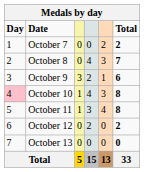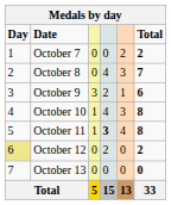 <table class=wikitable style="font-size:95%;">
 <tr>
 <th colspan=7>Medals by day</th>
 </tr>
 <tr>
 <td><strong>Day</strong></td>
 <td><strong>Date</strong></td>
 <td bgcolor=F7F6A8></td>
 <td bgcolor=DCE5E5></td>
 <td bgcolor=FFDAB9></td>
 <td><strong>Total</strong></td>
 </tr>
 <tr>
 <td>1</td>
 <td>October 7</td>
 <td bgcolor=F7F6A8>0</td>
 <td bgcolor=DCE5E5>0</td>
 <td bgcolor=FFDAB9>2</td>
 <td><strong>2</strong></td>
 </tr>
 <tr>
 <td>2</td>
 <td>October 8</td>
 <td bgcolor=F7F6A8>0</td>
 <td bgcolor=DCE5E5>4</td>
 <td bgcolor=FFDAB9>3</td>
 <td><strong>7</strong></td>
 </tr>
 <tr>
 <td>3</td>
 <td>October 9</td>
 <td bgcolor=F7F6A8>3</td>
 <td bgcolor=DCE5E5>2</td>
 <td bgcolor=FFDAB9>1</td>
 <td><strong>6</strong></td>
 </tr>
 <tr>
-<td style="background: pink;">4</td>
+<td>4</td>
 <td>October 10</td>
 <td bgcolor=F7F6A8>1</td>
 <td bgcolor=DCE5E5>4</td>
 <td bgcolor=FFDAB9>3</td>
 <td><strong>8</strong></td>
 </tr>
 <tr>
 <td>5</td>
 <td>October 11</td>
 <td bgcolor=F7F6A8>1</td>
-<td bgcolor=DCE5E5>3</td>
+<td bgcolor=DCE5E5><strong>3</strong></td>
 <td bgcolor=FFDAB9>4</td>
 <td><strong>8</strong></td>
 </tr>
 <tr>
-<td>6</td>
+<td style="background: khaki;">6</td>
 <td>October 12</td>
 <td bgcolor=F7F6A8>0</td>
 <td bgcolor=DCE5E5>2</td>
 <td bgcolor=FFDAB9>0</td>
 <td><strong>2</strong></td>
 </tr>
 <tr>
 <td>7</td>
 <td>October 13</td>
 <td bgcolor=F7F6A8>0</td>
 <td bgcolor=DCE5E5>0</td>
 <td bgcolor=FFDAB9>0</td>
 <td><strong>0</strong></td>
 </tr>
 <tr>
 <th colspan=2>Total</th>
 <th style="background:gold;">5</th>
 <th style="background:silver;">15</th>
 <th style="background:#c96;">13</th>
 <th>33</th>
 </tr>
 </table>
